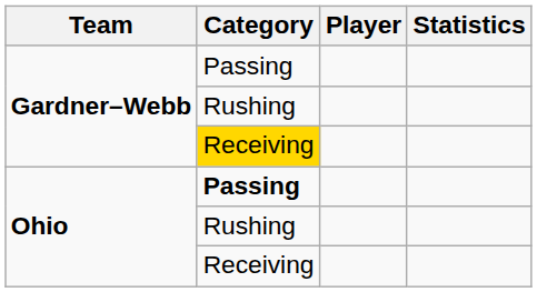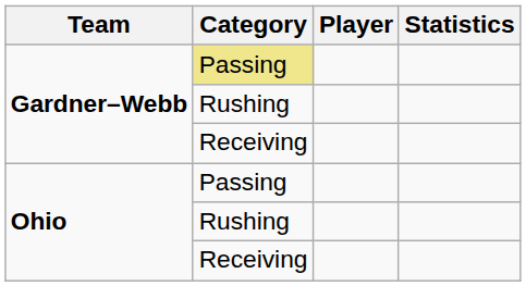 <table class="wikitable" style="float: right;">
 <tr>
 <th>Team</th>
 <th>Category</th>
 <th>Player</th>
 <th>Statistics</th>
 </tr>
 <tr>
 <td rowspan=3><strong>Gardner–Webb</strong></td>
-<td>Passing</td>
+<td style="background: khaki;">Passing</td>
 <td></td>
 <td></td>
 </tr>
 <tr>
 <td>Rushing</td>
 <td></td>
 <td></td>
 </tr>
 <tr>
-<td style="background: gold;">Receiving</td>
+<td>Receiving</td>
 <td></td>
 <td></td>
 </tr>
 <tr>
 <td rowspan=3><strong>Ohio</strong></td>
-<td><strong>Passing</strong></td>
+<td>Passing</td>
 <td></td>
 <td></td>
 </tr>
 <tr>
 <td>Rushing</td>
 <td></td>
 <td></td>
 </tr>
 <tr>
 <td>Receiving</td>
 <td></td>
 <td></td>
 </tr>
 </table>
